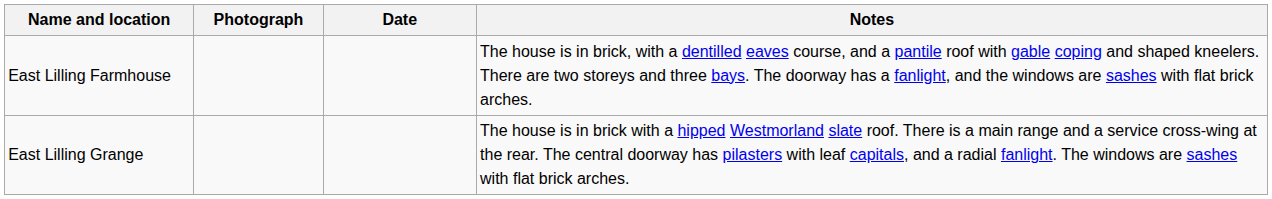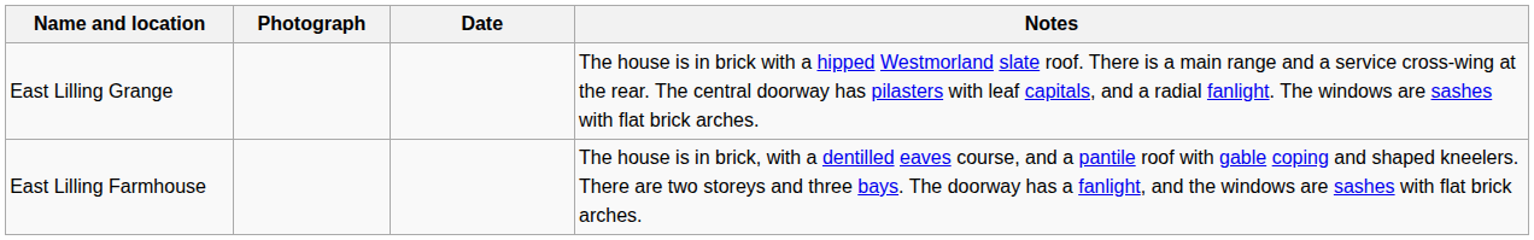 <table class="wikitable sortable plainrowheaders" style="width:100%;border:0px;text-align:left;line-height:150%;">
 <tr>
 <th scope="col"  style="width:150px">Name and location</th>
 <th scope="col"  style="width:100px" class="unsortable">Photograph</th>
 <th scope="col"  style="width:120px">Date</th>
 <th scope="col"  style="width:650px" class="unsortable">Notes</th>
 </tr>
 <tr>
+<td>East Lilling Grange<br><small></small></td>
+<td></td>
+<td align="center"></td>
+<td>The house is in brick with a <a href='#'>hipped</a> <a href='#'>Westmorland</a> <a href='#'>slate</a> roof. There is a main range and a service cross-wing at the rear. The central doorway has <a href='#'>pilasters</a> with leaf <a href='#'>capitals</a>, and a radial <a href='#'>fanlight</a>. The windows are <a href='#'>sashes</a> with flat brick arches.</td>
+</tr>
+<tr>
 <td>East Lilling Farmhouse<br><small></small></td>
 <td></td>
 <td align="center"></td>
 <td>The house is in brick, with a <a href='#'>dentilled</a> <a href='#'>eaves</a> course, and a <a href='#'>pantile</a> roof with <a href='#'>gable</a> <a href='#'>coping</a> and shaped kneelers. There are two storeys and three <a href='#'>bays</a>. The doorway has a <a href='#'>fanlight</a>, and the windows are <a href='#'>sashes</a> with flat brick arches.</td>
 </tr>
 <tr>
-<td>East Lilling Grange<br><small></small></td>
-<td></td>
-<td align="center"></td>
-<td>The house is in brick with a <a href='#'>hipped</a> <a href='#'>Westmorland</a> <a href='#'>slate</a> roof. There is a main range and a service cross-wing at the rear. The central doorway has <a href='#'>pilasters</a> with leaf <a href='#'>capitals</a>, and a radial <a href='#'>fanlight</a>. The windows are <a href='#'>sashes</a> with flat brick arches.</td>
-</tr>
-<tr>
 </tr>
 </table>
